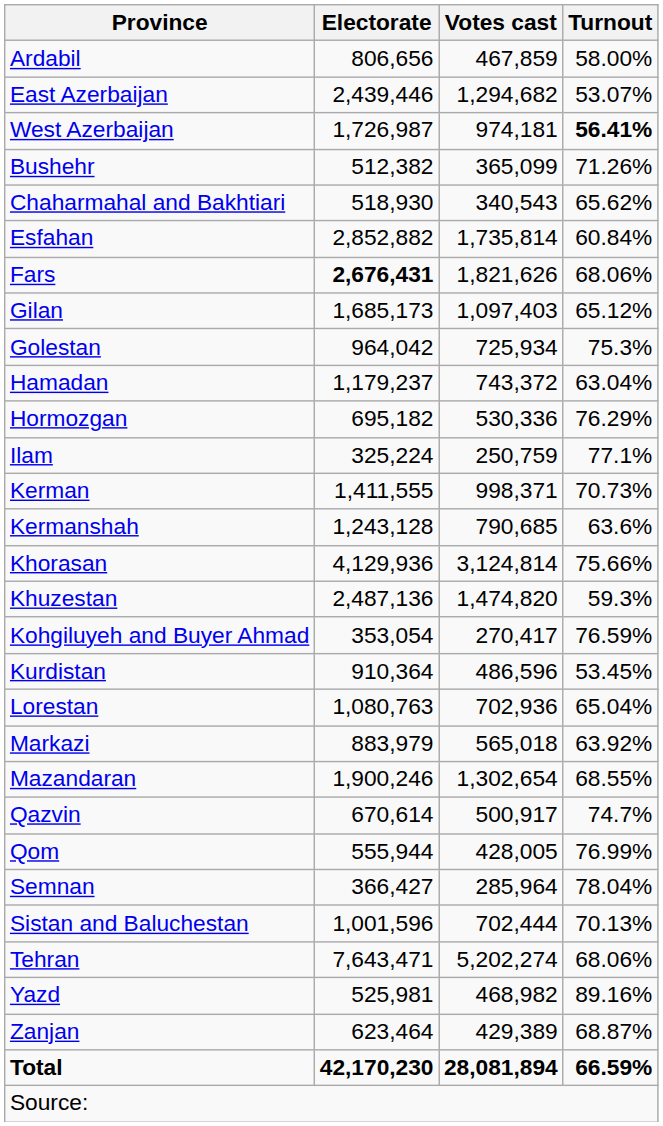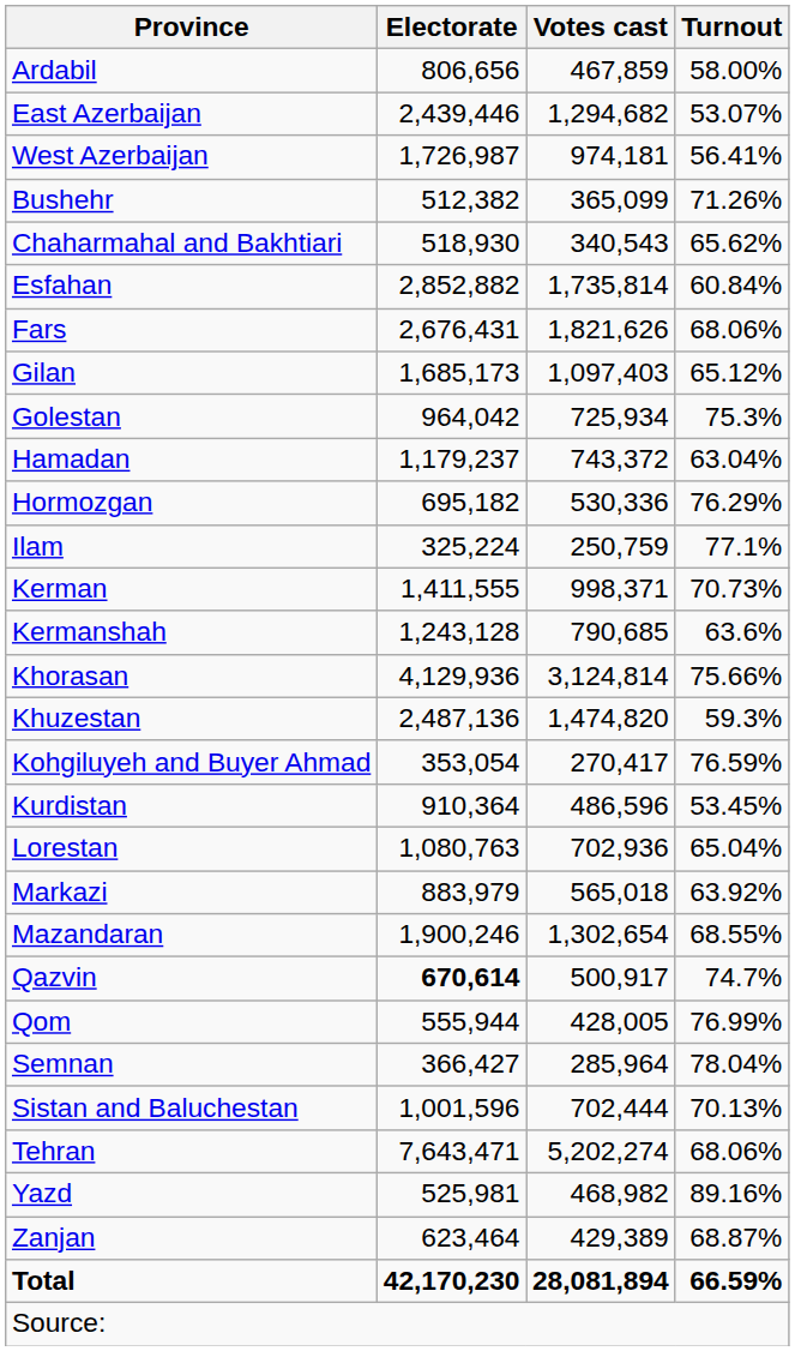 <table class="wikitable sortable" style=text-align:right>
 <tr>
 <th>Province</th>
 <th>Electorate</th>
 <th>Votes cast</th>
 <th>Turnout</th>
 </tr>
 <tr>
 <td align=left><a href='#'>Ardabil</a></td>
 <td>806,656</td>
 <td>467,859</td>
 <td>58.00%</td>
 </tr>
 <tr>
 <td align=left><a href='#'>East Azerbaijan</a></td>
 <td>2,439,446</td>
 <td>1,294,682</td>
 <td>53.07%</td>
 </tr>
 <tr>
 <td align=left><a href='#'>West Azerbaijan</a></td>
 <td>1,726,987</td>
 <td>974,181</td>
-<td><strong>56.41%</strong></td>
+<td>56.41%</td>
 </tr>
 <tr>
 <td align=left><a href='#'>Bushehr</a></td>
 <td>512,382</td>
 <td>365,099</td>
 <td>71.26%</td>
 </tr>
 <tr>
 <td align=left><a href='#'>Chaharmahal and Bakhtiari</a></td>
 <td>518,930</td>
 <td>340,543</td>
 <td>65.62%</td>
 </tr>
 <tr>
 <td align=left><a href='#'>Esfahan</a></td>
 <td>2,852,882</td>
 <td>1,735,814</td>
 <td>60.84%</td>
 </tr>
 <tr>
 <td align=left><a href='#'>Fars</a></td>
-<td><strong>2,676,431</strong></td>
+<td>2,676,431</td>
 <td>1,821,626</td>
 <td>68.06%</td>
 </tr>
 <tr>
 <td align=left><a href='#'>Gilan</a></td>
 <td>1,685,173</td>
 <td>1,097,403</td>
 <td>65.12%</td>
 </tr>
 <tr>
 <td align=left><a href='#'>Golestan</a></td>
 <td>964,042</td>
 <td>725,934</td>
 <td>75.3%</td>
 </tr>
 <tr>
 <td align=left><a href='#'>Hamadan</a></td>
 <td>1,179,237</td>
 <td>743,372</td>
 <td>63.04%</td>
 </tr>
 <tr>
 <td align=left><a href='#'>Hormozgan</a></td>
 <td>695,182</td>
 <td>530,336</td>
 <td>76.29%</td>
 </tr>
 <tr>
 <td align=left><a href='#'>Ilam</a></td>
 <td>325,224</td>
 <td>250,759</td>
 <td>77.1%</td>
 </tr>
 <tr>
 <td align=left><a href='#'>Kerman</a></td>
 <td>1,411,555</td>
 <td>998,371</td>
 <td>70.73%</td>
 </tr>
 <tr>
 <td align=left><a href='#'>Kermanshah</a></td>
 <td>1,243,128</td>
 <td>790,685</td>
 <td>63.6%</td>
 </tr>
 <tr>
 <td align=left><a href='#'>Khorasan</a></td>
 <td>4,129,936</td>
 <td>3,124,814</td>
 <td>75.66%</td>
 </tr>
 <tr>
 <td align=left><a href='#'>Khuzestan</a></td>
 <td>2,487,136</td>
 <td>1,474,820</td>
 <td>59.3%</td>
 </tr>
 <tr>
 <td align=left><a href='#'>Kohgiluyeh and Buyer Ahmad</a></td>
 <td>353,054</td>
 <td>270,417</td>
 <td>76.59%</td>
 </tr>
 <tr>
 <td align=left><a href='#'>Kurdistan</a></td>
 <td>910,364</td>
 <td>486,596</td>
 <td>53.45%</td>
 </tr>
 <tr>
 <td align=left><a href='#'>Lorestan</a></td>
 <td>1,080,763</td>
 <td>702,936</td>
 <td>65.04%</td>
 </tr>
 <tr>
 <td align=left><a href='#'>Markazi</a></td>
 <td>883,979</td>
 <td>565,018</td>
 <td>63.92%</td>
 </tr>
 <tr>
 <td align=left><a href='#'>Mazandaran</a></td>
 <td>1,900,246</td>
 <td>1,302,654</td>
 <td>68.55%</td>
 </tr>
 <tr>
 <td align=left><a href='#'>Qazvin</a></td>
-<td>670,614</td>
+<td><strong>670,614</strong></td>
 <td>500,917</td>
 <td>74.7%</td>
 </tr>
 <tr>
 <td align=left><a href='#'>Qom</a></td>
 <td>555,944</td>
 <td>428,005</td>
 <td>76.99%</td>
 </tr>
 <tr>
 <td align=left><a href='#'>Semnan</a></td>
 <td>366,427</td>
 <td>285,964</td>
 <td>78.04%</td>
 </tr>
 <tr>
 <td align=left><a href='#'>Sistan and Baluchestan</a></td>
 <td>1,001,596</td>
 <td>702,444</td>
 <td>70.13%</td>
 </tr>
 <tr>
 <td align=left><a href='#'>Tehran</a></td>
 <td>7,643,471</td>
 <td>5,202,274</td>
 <td>68.06%</td>
 </tr>
 <tr>
 <td align=left><a href='#'>Yazd</a></td>
 <td>525,981</td>
 <td>468,982</td>
 <td>89.16%</td>
 </tr>
 <tr>
 <td align=left><a href='#'>Zanjan</a></td>
 <td>623,464</td>
 <td>429,389</td>
 <td>68.87%</td>
 </tr>
 <tr class=sortbottom style=font-weight:bold>
 <td align=left>Total</td>
 <td>42,170,230</td>
 <td>28,081,894</td>
 <td>66.59%</td>
 </tr>
 <tr class=sortbottom>
 <td colspan=4 align=left>Source: </td>
 </tr>
 </table>
